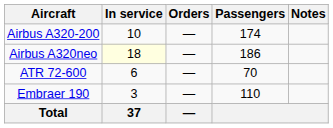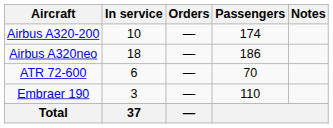 <table class="wikitable" style="border-collapse:collapse;text-align:center;margin:auto;">
 <tr>
 <th>Aircraft</th>
 <th>In service</th>
 <th>Orders</th>
 <th>Passengers</th>
 <th>Notes</th>
 </tr>
 <tr>
 <td><a href='#'>Airbus A320-200</a></td>
 <td>10</td>
 <td>—</td>
 <td>174</td>
 <td></td>
 </tr>
 <tr>
 <td><a href='#'>Airbus A320neo</a></td>
-<td style="background: lightyellow;">18</td>
+<td>18</td>
 <td>—</td>
 <td>186</td>
 <td></td>
 </tr>
 <tr>
 <td><a href='#'>ATR 72-600</a></td>
 <td>6</td>
 <td>—</td>
 <td>70</td>
 <td></td>
 </tr>
 <tr>
 <td><a href='#'>Embraer 190</a></td>
 <td>3</td>
 <td>—</td>
 <td>110</td>
 <td></td>
 </tr>
 <tr>
 <th>Total</th>
 <th>37</th>
 <th>—</th>
 <th colspan="3"></th>
 </tr>
 </table>
